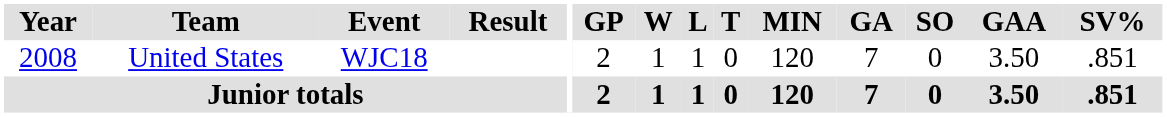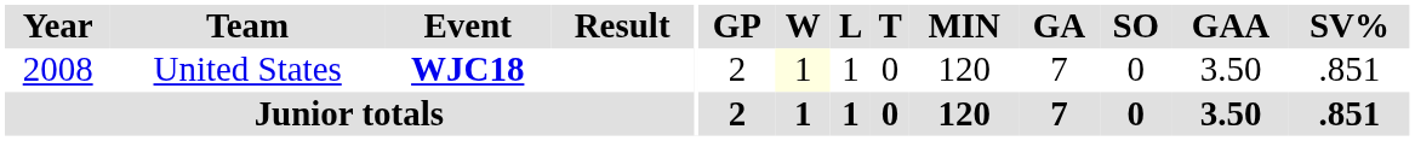 <table border="0" cellpadding="1" cellspacing="0" ID="Table3" style="text-align:center; width:40em">
 <tr ALIGN="center" bgcolor="#e0e0e0">
 <th>Year</th>
 <th>Team</th>
 <th>Event</th>
 <th>Result</th>
 <th rowspan="99" bgcolor="#ffffff"></th>
 <th>GP</th>
 <th>W</th>
 <th>L</th>
 <th>T</th>
 <th>MIN</th>
 <th>GA</th>
 <th>SO</th>
 <th>GAA</th>
 <th>SV%</th>
 </tr>
 <tr ALIGN="center">
 <td><a href='#'>2008</a></td>
 <td><a href='#'>United States</a></td>
-<td><a href='#'>WJC18</a></td>
+<td><strong><a href='#'>WJC18</a></strong></td>
 <td></td>
 <td>2</td>
-<td>1</td>
+<td style="background: lightyellow;">1</td>
 <td>1</td>
 <td>0</td>
 <td>120</td>
 <td>7</td>
 <td>0</td>
 <td>3.50</td>
 <td>.851</td>
 </tr>
 <tr ALIGN="center" bgcolor="#e0e0e0">
 <th colspan=4>Junior totals</th>
 <th>2</th>
 <th>1</th>
 <th>1</th>
 <th>0</th>
 <th>120</th>
 <th>7</th>
 <th>0</th>
 <th>3.50</th>
 <th>.851</th>
 </tr>
 </table>
